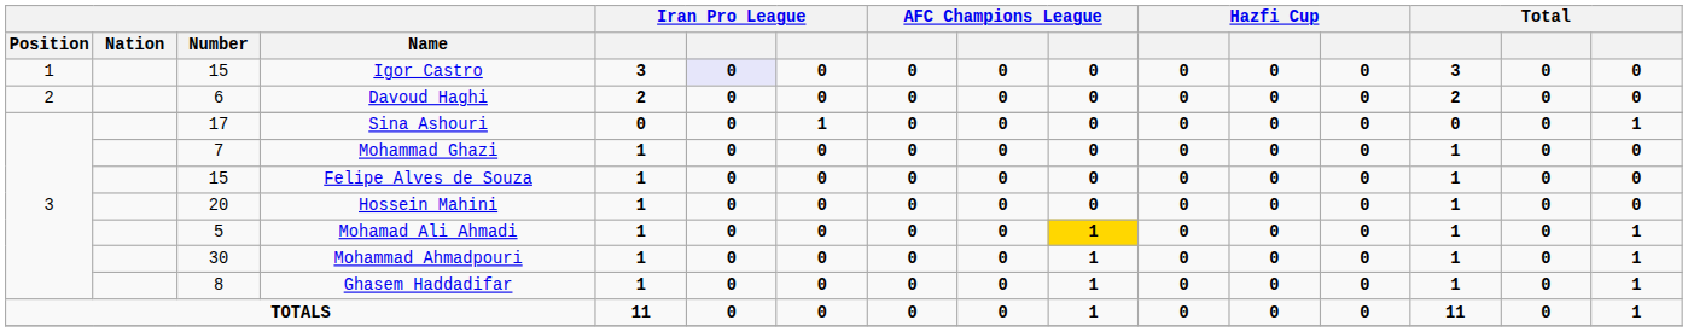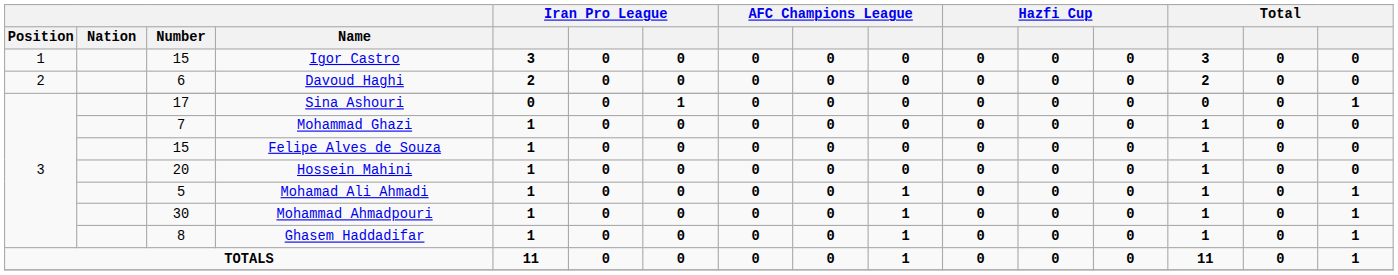 <table class="wikitable" style="font-size: 95%; text-align: center;">
 <tr>
 <th colspan=4></th>
 <th colspan=3><strong><a href='#'>Iran Pro League</a></strong></th>
 <th colspan=3><strong><a href='#'>AFC Champions League</a></strong></th>
 <th colspan=3><strong><a href='#'>Hazfi Cup</a></strong></th>
 <th colspan=3>Total</th>
 </tr>
 <tr>
 <th width="5%"><strong>Position</strong></th>
 <th width="5%"><strong>Nation</strong></th>
 <th width="5%"><strong>Number</strong></th>
 <th width="20%"><strong>Name</strong></th>
 <th width=60></th>
 <th width=60></th>
 <th width=60></th>
 <th width=60></th>
 <th width=60></th>
 <th width=60></th>
 <th width=60></th>
 <th width=60></th>
 <th width=60></th>
 <th width=60></th>
 <th width=60></th>
 <th width=60></th>
 </tr>
 <tr>
 <td>1</td>
 <td></td>
 <td>15</td>
 <td><a href='#'>Igor Castro</a></td>
 <td><strong>3</strong></td>
-<td style="background: lavender;"><strong>0</strong></td>
+<td><strong>0</strong></td>
 <td><strong>0</strong></td>
 <td><strong>0</strong></td>
 <td><strong>0</strong></td>
 <td><strong>0</strong></td>
 <td><strong>0</strong></td>
 <td><strong>0</strong></td>
 <td><strong>0</strong></td>
 <td><strong>3</strong></td>
 <td><strong>0</strong></td>
 <td><strong>0</strong></td>
 </tr>
 <tr>
 <td>2</td>
 <td></td>
 <td>6</td>
 <td><a href='#'>Davoud Haghi</a></td>
 <td><strong>2</strong></td>
 <td><strong>0</strong></td>
 <td><strong>0</strong></td>
 <td><strong>0</strong></td>
 <td><strong>0</strong></td>
 <td><strong>0</strong></td>
 <td><strong>0</strong></td>
 <td><strong>0</strong></td>
 <td><strong>0</strong></td>
 <td><strong>2</strong></td>
 <td><strong>0</strong></td>
 <td><strong>0</strong></td>
 </tr>
 <tr>
 <td rowspan="8">3</td>
 </tr>
 <tr>
 <td></td>
 <td>17</td>
 <td><a href='#'>Sina Ashouri</a></td>
 <td><strong>0</strong></td>
 <td><strong>0</strong></td>
 <td><strong>1</strong></td>
 <td><strong>0</strong></td>
 <td><strong>0</strong></td>
 <td><strong>0</strong></td>
 <td><strong>0</strong></td>
 <td><strong>0</strong></td>
 <td><strong>0</strong></td>
 <td><strong>0</strong></td>
 <td><strong>0</strong></td>
 <td><strong>1</strong></td>
 </tr>
 <tr>
 <td></td>
 <td>7</td>
 <td><a href='#'>Mohammad Ghazi</a></td>
 <td><strong>1</strong></td>
 <td><strong>0</strong></td>
 <td><strong>0</strong></td>
 <td><strong>0</strong></td>
 <td><strong>0</strong></td>
 <td><strong>0</strong></td>
 <td><strong>0</strong></td>
 <td><strong>0</strong></td>
 <td><strong>0</strong></td>
 <td><strong>1</strong></td>
 <td><strong>0</strong></td>
 <td><strong>0</strong></td>
 </tr>
 <tr>
 <td></td>
 <td>15</td>
 <td><a href='#'>Felipe Alves de Souza</a></td>
 <td><strong>1</strong></td>
 <td><strong>0</strong></td>
 <td><strong>0</strong></td>
 <td><strong>0</strong></td>
 <td><strong>0</strong></td>
 <td><strong>0</strong></td>
 <td><strong>0</strong></td>
 <td><strong>0</strong></td>
 <td><strong>0</strong></td>
 <td><strong>1</strong></td>
 <td><strong>0</strong></td>
 <td><strong>0</strong></td>
 </tr>
 <tr>
 <td></td>
 <td>20</td>
 <td><a href='#'>Hossein Mahini</a></td>
 <td><strong>1</strong></td>
 <td><strong>0</strong></td>
 <td><strong>0</strong></td>
 <td><strong>0</strong></td>
 <td><strong>0</strong></td>
 <td><strong>0</strong></td>
 <td><strong>0</strong></td>
 <td><strong>0</strong></td>
 <td><strong>0</strong></td>
 <td><strong>1</strong></td>
 <td><strong>0</strong></td>
 <td><strong>0</strong></td>
 </tr>
 <tr>
 <td></td>
 <td>5</td>
 <td><a href='#'>Mohamad Ali Ahmadi</a></td>
 <td><strong>1</strong></td>
 <td><strong>0</strong></td>
 <td><strong>0</strong></td>
 <td><strong>0</strong></td>
 <td><strong>0</strong></td>
-<td style="background: gold;"><strong>1</strong></td>
+<td><strong>1</strong></td>
 <td><strong>0</strong></td>
 <td><strong>0</strong></td>
 <td><strong>0</strong></td>
 <td><strong>1</strong></td>
 <td><strong>0</strong></td>
 <td><strong>1</strong></td>
 </tr>
 <tr>
 <td></td>
 <td>30</td>
 <td><a href='#'>Mohammad Ahmadpouri</a></td>
 <td><strong>1</strong></td>
 <td><strong>0</strong></td>
 <td><strong>0</strong></td>
 <td><strong>0</strong></td>
 <td><strong>0</strong></td>
 <td><strong>1</strong></td>
 <td><strong>0</strong></td>
 <td><strong>0</strong></td>
 <td><strong>0</strong></td>
 <td><strong>1</strong></td>
 <td><strong>0</strong></td>
 <td><strong>1</strong></td>
 </tr>
 <tr>
 <td></td>
 <td>8</td>
 <td><a href='#'>Ghasem Haddadifar</a></td>
 <td><strong>1</strong></td>
 <td><strong>0</strong></td>
 <td><strong>0</strong></td>
 <td><strong>0</strong></td>
 <td><strong>0</strong></td>
 <td><strong>1</strong></td>
 <td><strong>0</strong></td>
 <td><strong>0</strong></td>
 <td><strong>0</strong></td>
 <td><strong>1</strong></td>
 <td><strong>0</strong></td>
 <td><strong>1</strong></td>
 </tr>
 <tr>
 <td colspan="4"><strong>TOTALS</strong></td>
 <td><strong>11</strong></td>
 <td><strong>0</strong></td>
 <td><strong>0</strong></td>
 <td><strong>0</strong></td>
 <td><strong>0</strong></td>
 <td><strong>1</strong></td>
 <td><strong>0</strong></td>
 <td><strong>0</strong></td>
 <td><strong>0</strong></td>
 <td><strong>11</strong></td>
 <td><strong>0</strong></td>
 <td><strong>1</strong></td>
 </tr>
 <tr>
 </tr>
 </table>
